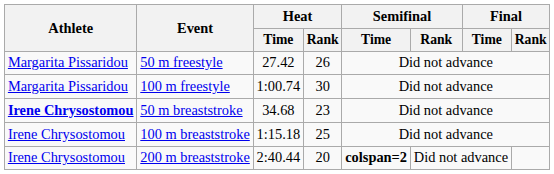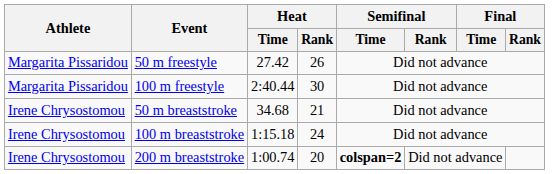 <table class=wikitable style=font-size:90%>
 <tr>
 <th rowspan=2>Athlete</th>
 <th rowspan=2>Event</th>
 <th colspan=2>Heat</th>
 <th colspan=2>Semifinal</th>
 <th colspan=2>Final</th>
 </tr>
 <tr style=font-size:95%>
 <th>Time</th>
 <th>Rank</th>
 <th>Time</th>
 <th>Rank</th>
 <th>Time</th>
 <th>Rank</th>
 </tr>
 <tr align=center>
 <td align=left><a href='#'>Margarita Pissaridou</a></td>
 <td align=left><a href='#'>50 m freestyle</a></td>
 <td>27.42</td>
 <td>26</td>
 <td colspan=4>Did not advance</td>
 </tr>
 <tr align=center>
 <td align=left><a href='#'>Margarita Pissaridou</a></td>
 <td align=left><a href='#'>100 m freestyle</a></td>
-<td>1:00.74</td>
+<td>2:40.44</td>
 <td>30</td>
 <td colspan=4>Did not advance</td>
 </tr>
 <tr align=center>
-<td align=left><strong><a href='#'>Irene Chrysostomou</a></strong></td>
+<td align=left><a href='#'>Irene Chrysostomou</a></td>
 <td align=left><a href='#'>50 m breaststroke</a></td>
 <td>34.68</td>
-<td>23</td>
+<td>21</td>
 <td colspan=4>Did not advance</td>
 </tr>
 <tr align=center>
 <td align=left><a href='#'>Irene Chrysostomou</a></td>
 <td align=left><a href='#'>100 m breaststroke</a></td>
 <td>1:15.18</td>
-<td>25</td>
+<td>24</td>
 <td colspan=4>Did not advance</td>
 </tr>
 <tr align=center>
 <td align=left><a href='#'>Irene Chrysostomou</a></td>
 <td align=left><a href='#'>200 m breaststroke</a></td>
-<td>2:40.44</td>
+<td>1:00.74</td>
 <td>20</td>
 <td><strong>colspan=2 </strong></td>
 <td colspan=2>Did not advance</td>
 </tr>
 </table>
